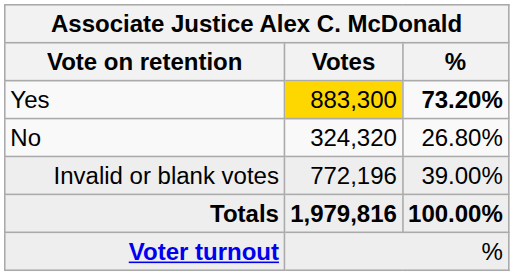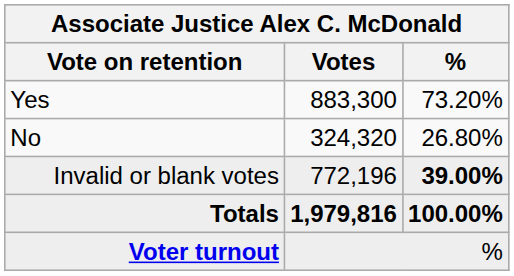 <table class="wikitable" style="font-size: 95%;">
 <tr style="background-color:#E9E9E9">
 <th colspan=7>Associate Justice Alex C. McDonald</th>
 </tr>
 <tr style="background-color:#E9E9E9">
 <th style="width: 170px">Vote on retention</th>
 <th style="width: 50px">Votes</th>
 <th style="width: 40px">%</th>
 </tr>
 <tr>
 <td>Yes</td>
-<td align="right" style="background: gold;">883,300</td>
-<td align="right"><strong>73.20%</strong></td>
+<td align="right">883,300</td>
+<td align="right">73.20%</td>
 </tr>
 <tr>
 <td>No</td>
 <td align="right">324,320</td>
 <td align="right">26.80%</td>
 </tr>
 <tr bgcolor="#EEEEEE">
 <td align="right">Invalid or blank votes</td>
 <td align="right">772,196</td>
-<td align="right">39.00%</td>
+<td align="right"><strong>39.00%</strong></td>
 </tr>
 <tr bgcolor="#EEEEEE">
 <td align="right"><strong>Totals</strong></td>
 <td align="right"><strong>1,979,816</strong></td>
 <td align="right"><strong>100.00%</strong></td>
 </tr>
 <tr bgcolor="#EEEEEE">
 <td align="right"><strong><a href='#'>Voter turnout</a></strong></td>
 <td colspan="2" align="right">%</td>
 </tr>
 </table>
